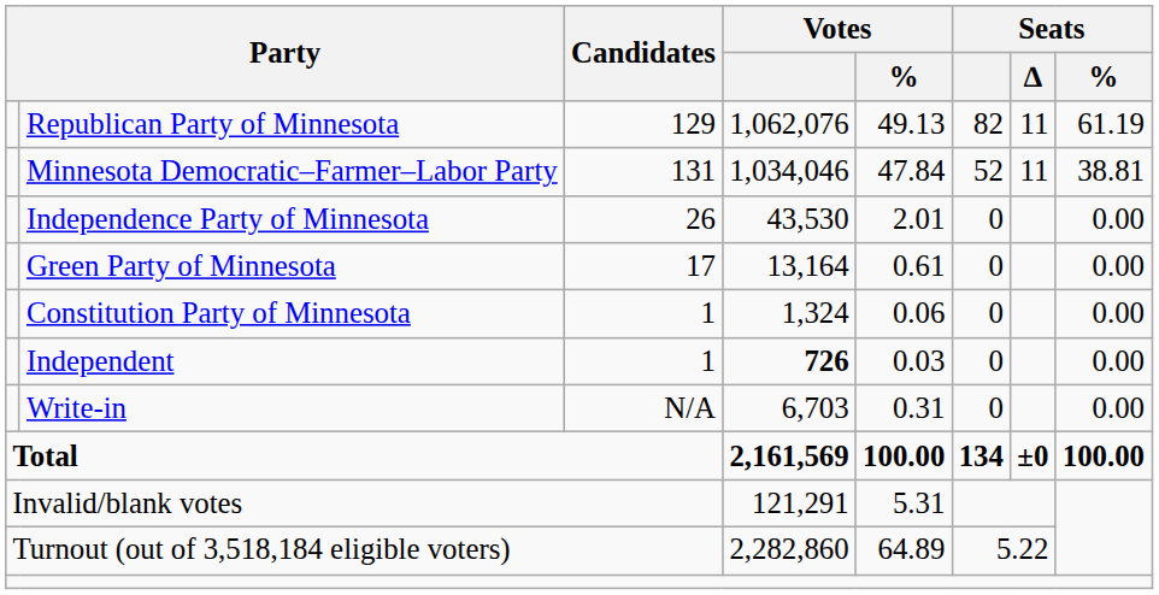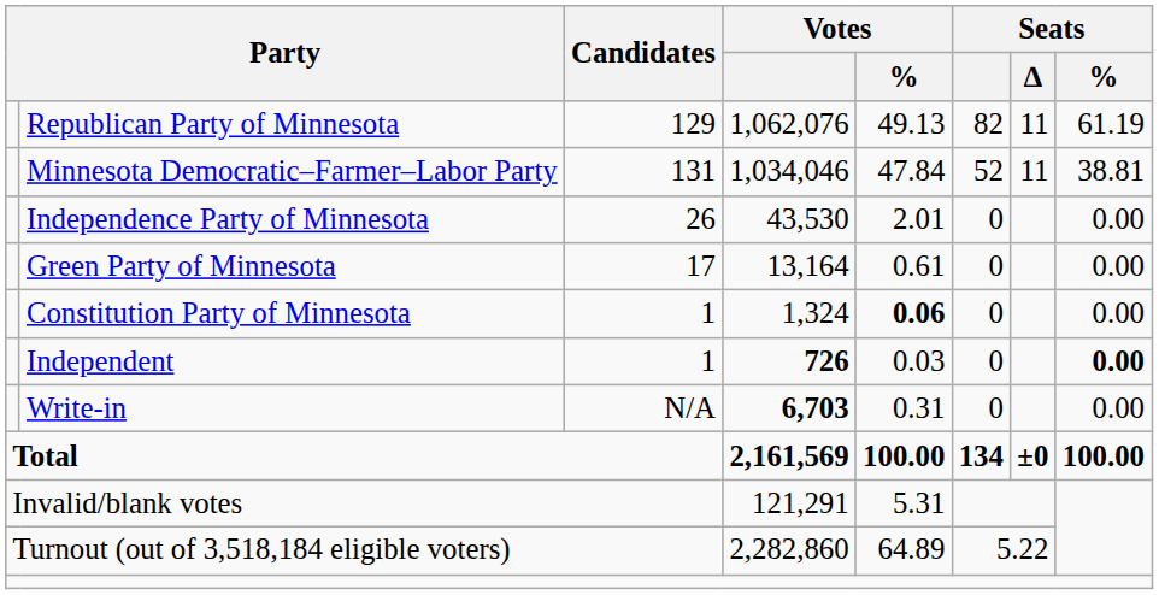 <table class="wikitable">
 <tr>
 <th rowspan="2" colspan="2">Party</th>
 <th rowspan="2">Candidates</th>
 <th colspan="2">Votes</th>
 <th colspan="3">Seats</th>
 </tr>
 <tr>
 <th></th>
 <th>%</th>
 <th></th>
 <th>∆</th>
 <th>%</th>
 </tr>
 <tr>
 <td style="background-color:"></td>
 <td><a href='#'>Republican Party of Minnesota</a></td>
 <td align="right">129</td>
 <td align="right">1,062,076</td>
 <td align="right">49.13</td>
 <td align="right">82</td>
 <td align="right">11</td>
 <td align="right">61.19</td>
 </tr>
 <tr>
 <td style="background-color:"></td>
 <td><a href='#'>Minnesota Democratic–Farmer–Labor Party</a></td>
 <td align="right">131</td>
 <td align="right">1,034,046</td>
 <td align="right">47.84</td>
 <td align="right">52</td>
 <td align="right">11</td>
 <td align="right">38.81</td>
 </tr>
 <tr>
 <td style="background-color:"></td>
 <td><a href='#'>Independence Party of Minnesota</a></td>
 <td align="right">26</td>
 <td align="right">43,530</td>
 <td align="right">2.01</td>
 <td align="right">0</td>
 <td align="right"></td>
 <td align="right">0.00</td>
 </tr>
 <tr>
 <td style="background-color:"></td>
 <td><a href='#'>Green Party of Minnesota</a></td>
 <td align="right">17</td>
 <td align="right">13,164</td>
 <td align="right">0.61</td>
 <td align="right">0</td>
 <td align="right"></td>
 <td align="right">0.00</td>
 </tr>
 <tr>
 <td style="background-color:"></td>
 <td><a href='#'>Constitution Party of Minnesota</a></td>
 <td align="right">1</td>
 <td align="right">1,324</td>
-<td align="right">0.06</td>
+<td align="right"><strong>0.06</strong></td>
 <td align="right">0</td>
 <td align="right"></td>
 <td align="right">0.00</td>
 </tr>
 <tr>
 <td style="background-color:"></td>
 <td><a href='#'>Independent</a></td>
 <td align="right">1</td>
 <td align="right"><strong>726</strong></td>
 <td align="right">0.03</td>
 <td align="right">0</td>
 <td align="right"></td>
-<td align="right">0.00</td>
+<td align="right"><strong>0.00</strong></td>
 </tr>
 <tr>
 <td style="background-color:"></td>
 <td><a href='#'>Write-in</a></td>
 <td align="right">N/A</td>
-<td align="right">6,703</td>
+<td align="right"><strong>6,703</strong></td>
 <td align="right">0.31</td>
 <td align="right">0</td>
 <td align="right"></td>
 <td align="right">0.00</td>
 </tr>
 <tr>
 <td colspan="3" align="left"><strong>Total</strong></td>
 <td align="right"><strong>2,161,569</strong></td>
 <td align="right"><strong>100.00</strong></td>
 <td align="right"><strong>134</strong></td>
 <td align="right"><strong>±0</strong></td>
 <td align="right"><strong>100.00</strong></td>
 </tr>
 <tr>
 <td colspan="3" align="left">Invalid/blank votes</td>
 <td colspan="1" align="right">121,291</td>
 <td colspan="1" align="right">5.31</td>
 <td colspan="2"></td>
 <td rowspan="2"></td>
 </tr>
 <tr>
 <td colspan="3" align="left">Turnout (out of 3,518,184 eligible voters)</td>
 <td colspan="1" align="right">2,282,860</td>
 <td colspan="1" align="right">64.89</td>
 <td colspan="2" align="right">5.22 </td>
 </tr>
 <tr>
 <td colspan="8"></td>
 </tr>
 </table>
